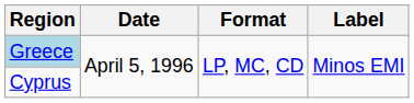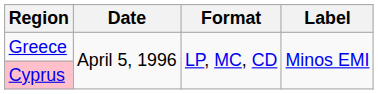 <table class="sortable wikitable">
 <tr>
 <th>Region</th>
 <th>Date</th>
 <th>Format</th>
 <th>Label</th>
 </tr>
 <tr>
-<td rowspan="1" style="background: lightblue;"><a href='#'>Greece</a></td>
+<td rowspan="1"><a href='#'>Greece</a></td>
 <td rowspan="2">April 5, 1996</td>
 <td rowspan="2"><a href='#'>LP</a>, <a href='#'>MC</a>, <a href='#'>CD</a></td>
 <td rowspan="2"><a href='#'>Minos EMI</a></td>
 </tr>
 <tr>
-<td><a href='#'>Cyprus</a></td>
+<td style="background: pink;"><a href='#'>Cyprus</a></td>
 </tr>
 </table>
